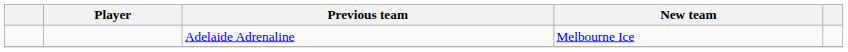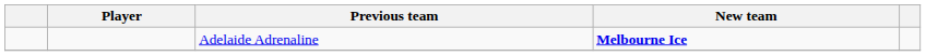 <table class="sortable wikitable" width=80% font-size=90%>
 <tr>
 <th width=40></th>
 <th>Player</th>
 <th>Previous team</th>
 <th>New team</th>
 <th class="unsortable"></th>
 </tr>
 <tr>
 <td align="center"></td>
 <td></td>
 <td><a href='#'>Adelaide Adrenaline</a></td>
-<td><a href='#'>Melbourne Ice</a></td>
+<td><strong><a href='#'>Melbourne Ice</a></strong></td>
 <td></td>
 </tr>
 <tr>
 </tr>
 </table>
